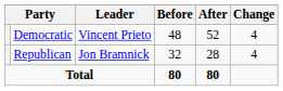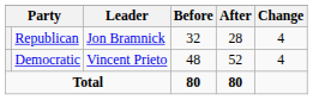 <table class="wikitable" style="text-align:center;">
 <tr>
 </tr>
 <tr>
 <th colspan=2>Party</th>
 <th>Leader</th>
 <th>Before</th>
 <th>After</th>
 <th>Change</th>
 </tr>
 <tr>
 <th style="background-color:"></th>
+<td style="text-align:left;"><a href='#'>Republican</a></td>
+<td style="text-align:left;"><a href='#'>Jon Bramnick</a></td>
+<td>32</td>
+<td>28</td>
+<td> 4</td>
+</tr>
+<tr>
+<th style="background-color:"></th>
 <td style="text-align:left;"><a href='#'>Democratic</a></td>
 <td style="text-align:left;"><a href='#'>Vincent Prieto</a></td>
 <td>48</td>
 <td>52</td>
-<td> 4</td>
-</tr>
-<tr>
-<th style="background-color:"></th>
-<td style="text-align:left;"><a href='#'>Republican</a></td>
-<td style="text-align:left;"><a href='#'>Jon Bramnick</a></td>
-<td>32</td>
-<td>28</td>
 <td> 4</td>
 </tr>
 <tr>
 <td colspan=3><strong>Total</strong></td>
 <td><strong>80</strong></td>
 <td><strong>80</strong></td>
 </tr>
 </table>
